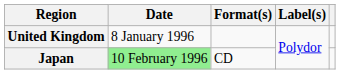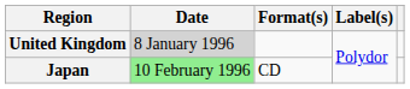 <table class="wikitable plainrowheaders">
 <tr>
 <th scope="col">Region</th>
 <th scope="col">Date</th>
 <th scope="col">Format(s)</th>
 <th scope="col">Label(s)</th>
 <th scope="col"></th>
 </tr>
 <tr>
 <th scope="row">United Kingdom</th>
-<td>8 January 1996</td>
+<td style="background: lightgrey;">8 January 1996</td>
 <td></td>
 <td rowspan="2"><a href='#'>Polydor</a></td>
 <td></td>
 </tr>
 <tr>
 <th scope="row">Japan</th>
 <td style="background: lightgreen;">10 February 1996</td>
 <td>CD</td>
 <td></td>
 </tr>
 </table>
